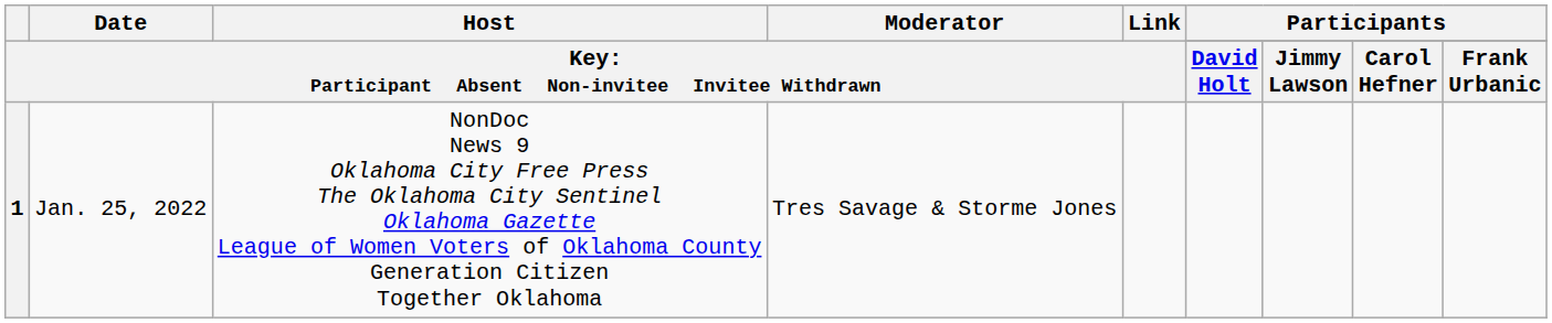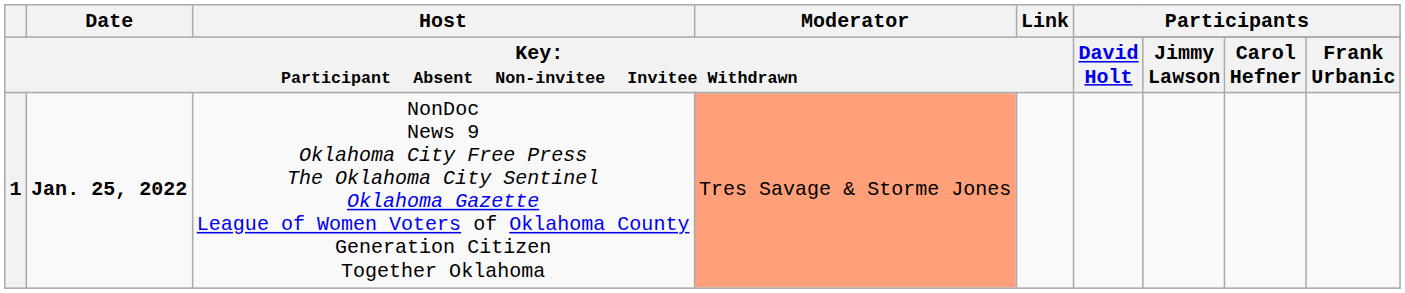 <table class="wikitable" style="text-align:center;">
 <tr>
 <th scope="col"></th>
 <th scope="col">Date</th>
 <th scope="col">Host</th>
 <th scope="col">Moderator</th>
 <th scope="col">Link</th>
 <th colspan="4" scope="col">Participants</th>
 </tr>
 <tr>
 <th colspan="5" rowspan="2">Key:<br> <small>Participant </small>  <small>Absent </small>  <small>Non-invitee </small>  <small>Invitee  Withdrawn</small></th>
 </tr>
 <tr>
 <th scope="col"><a href='#'>David Holt</a></th>
 <th scope="col">Jimmy Lawson</th>
 <th scope="col">Carol Hefner</th>
 <th scope="col">Frank Urbanic</th>
 </tr>
 <tr>
 <th scope="row">1</th>
-<td style="white-space:nowrap;">Jan. 25, 2022</td>
+<td style="white-space:nowrap;"><strong>Jan. 25, 2022</strong></td>
 <td style="white-space:nowrap;">NonDoc<br>News 9<br><em>Oklahoma City Free Press</em><br><em>The Oklahoma City Sentinel</em><br><em><a href='#'>Oklahoma Gazette</a></em><br><a href='#'>League of Women Voters</a> of <a href='#'>Oklahoma County</a><br>Generation Citizen<br>Together Oklahoma</td>
-<td style="white-space:nowrap;">Tres Savage & Storme Jones</td>
+<td style="background: lightsalmon; white-space:nowrap;">Tres Savage & Storme Jones</td>
 <td style="white-space:nowrap;"></td>
 <td></td>
 <td></td>
 <td></td>
 <td></td>
 </tr>
 </table>
